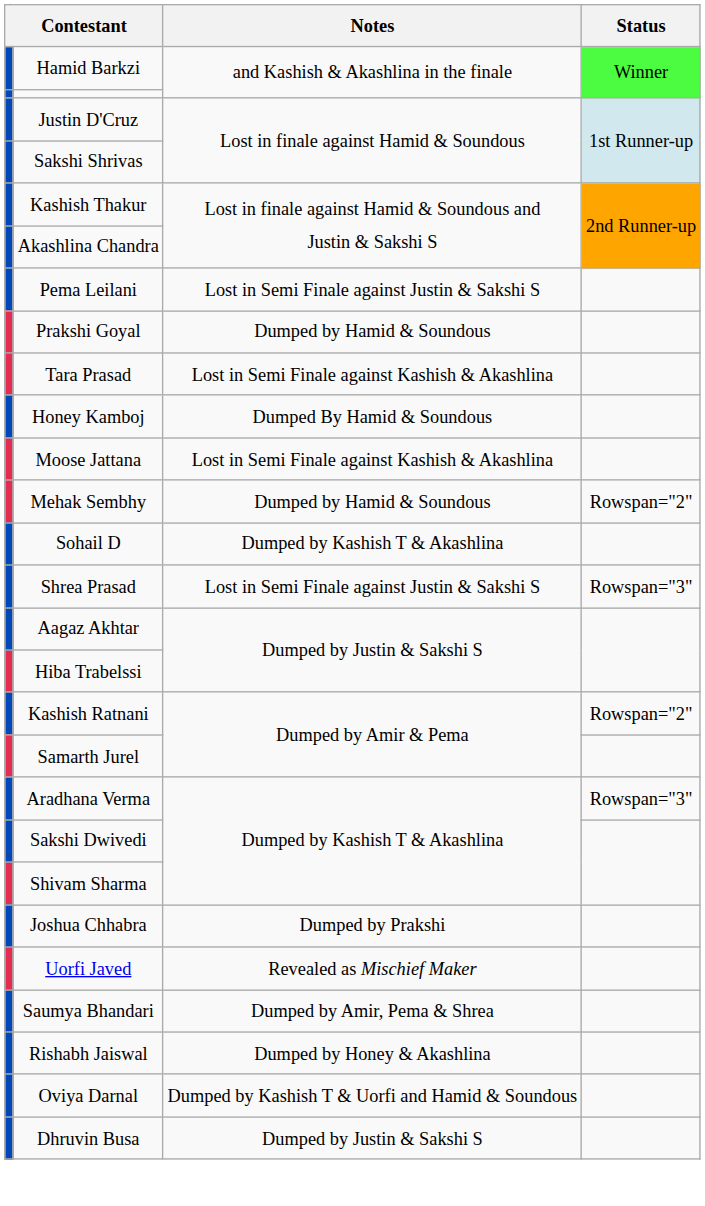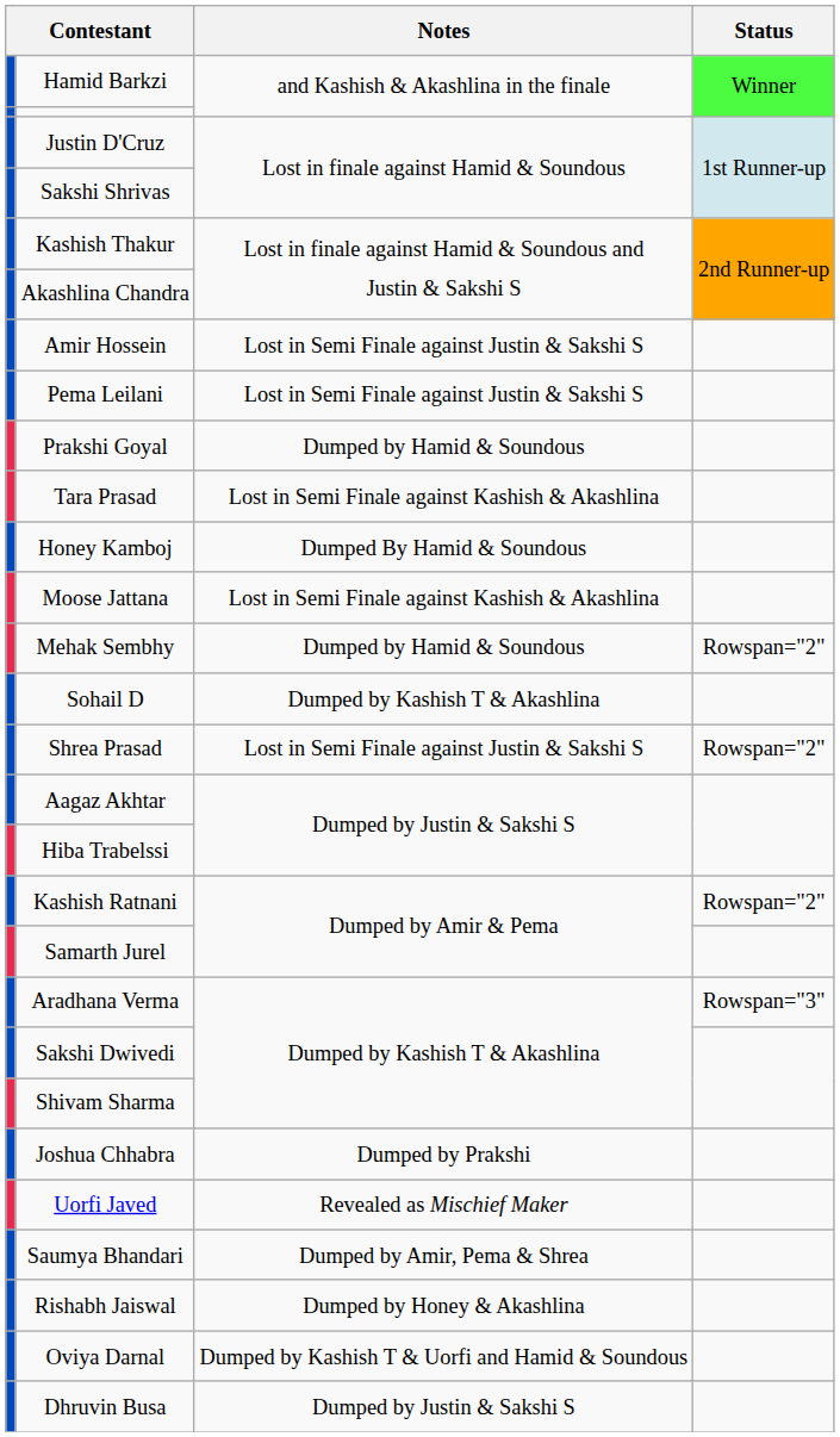 <table class="wikitable sortable" style=" text-align:center; font-size:85%;  line-height:25px; width:auto;">
 <tr>
 <th colspan="2">Contestant</th>
 <th scope="col">Notes</th>
 <th scope="col">Status</th>
 </tr>
 <tr>
 <th style="background:#0048BA;"></th>
 <td>Hamid Barkzi</td>
 <td rowspan="2"> and Kashish & Akashlina in the finale</td>
 <td rowspan="2" style="background:#4CFC40;" !>Winner</td>
 </tr>
 <tr>
 <th style="background:#0048BA;"></th>
 <td></td>
 </tr>
 <tr>
 <th style="background:#0048BA;"></th>
 <td>Justin D'Cruz</td>
 <td rowspan="2">Lost in finale against Hamid & Soundous</td>
 <td rowspan="2" style="background:#D1E8EF;" !>1st Runner-up</td>
 </tr>
 <tr>
 <th style="background:#0048BA;"></th>
 <td>Sakshi Shrivas</td>
 </tr>
 <tr>
 <th style="background:#0048BA;"></th>
 <td>Kashish Thakur</td>
 <td rowspan="2">Lost in finale against Hamid & Soundous and<br> Justin & Sakshi S</td>
 <td rowspan="2" style="background:orange;" !>2nd Runner-up</td>
 </tr>
 <tr>
 <th style="background:#0048BA;"></th>
 <td>Akashlina Chandra</td>
+</tr>
+<tr>
+<th style="background:#0048BA;"></th>
+<td>Amir Hossein</td>
+<td>Lost in Semi Finale against Justin & Sakshi S</td>
+<td></td>
 </tr>
 <tr>
 <th style="background:#0048BA;"></th>
 <td>Pema Leilani</td>
 <td>Lost in Semi Finale against Justin & Sakshi S</td>
 <td></td>
 </tr>
 <tr>
 <th style="background:#E52B50;"></th>
 <td>Prakshi Goyal</td>
 <td>Dumped by Hamid & Soundous</td>
 <td></td>
 </tr>
 <tr>
 <th style="background:#E52B50;"></th>
 <td>Tara Prasad</td>
 <td>Lost in Semi Finale against Kashish & Akashlina</td>
 <td></td>
 </tr>
 <tr>
 <th style="background:#0048BA;"></th>
 <td>Honey Kamboj</td>
 <td>Dumped By Hamid & Soundous</td>
 <td></td>
 </tr>
 <tr>
 <th style="background:#E52B50;"></th>
 <td>Moose Jattana</td>
 <td>Lost in Semi Finale against Kashish & Akashlina</td>
 <td></td>
 </tr>
 <tr>
 <th style="background:#E52B50;"></th>
 <td>Mehak Sembhy</td>
 <td>Dumped by Hamid & Soundous</td>
 <td>Rowspan="2"</td>
 </tr>
 <tr>
 <th style="background:#0048BA;"></th>
 <td>Sohail D</td>
 <td>Dumped by Kashish T & Akashlina</td>
 </tr>
 <tr>
 <th style="background:#0048BA;"></th>
 <td>Shrea Prasad</td>
 <td>Lost in Semi Finale against Justin & Sakshi S</td>
-<td>Rowspan="3"</td>
+<td>Rowspan="2"</td>
 </tr>
 <tr>
 <th style="background:#0048BA;"></th>
 <td>Aagaz Akhtar</td>
 <td Rowspan="2">Dumped by Justin & Sakshi S</td>
 </tr>
 <tr>
 <th style="background:#E52B50;"></th>
 <td>Hiba Trabelssi</td>
 </tr>
 <tr>
 <th style="background:#0048BA;"></th>
 <td>Kashish Ratnani</td>
 <td Rowspan="2">Dumped by Amir & Pema</td>
 <td>Rowspan="2"</td>
 </tr>
 <tr>
 <th style="background:#E52B50;"></th>
 <td>Samarth Jurel</td>
 </tr>
 <tr>
 <th style="background:#0048BA;"></th>
 <td>Aradhana Verma</td>
 <td Rowspan="3">Dumped by Kashish T & Akashlina</td>
 <td>Rowspan="3"</td>
 </tr>
 <tr>
 <th style="background:#0048BA;"></th>
 <td>Sakshi Dwivedi</td>
 </tr>
 <tr>
 <th style="background:#E52B50;"></th>
 <td>Shivam Sharma</td>
 </tr>
 <tr>
 <th style="background:#0048BA;"></th>
 <td>Joshua Chhabra</td>
 <td>Dumped by Prakshi</td>
 <td></td>
 </tr>
 <tr>
 <th style="background:#e52b50;"></th>
 <td><a href='#'>Uorfi Javed</a></td>
 <td>Revealed as <em>Mischief Maker</em></td>
 <td></td>
 </tr>
 <tr>
 <th style="background:#0048BA;"></th>
 <td>Saumya Bhandari</td>
 <td>Dumped by Amir, Pema & Shrea</td>
 <td></td>
 </tr>
 <tr>
 <th style="background:#0048BA;"></th>
 <td>Rishabh Jaiswal</td>
 <td>Dumped by Honey & Akashlina</td>
 <td></td>
 </tr>
 <tr>
 <th style="background:#0048BA;"></th>
 <td>Oviya Darnal</td>
 <td>Dumped by Kashish T & Uorfi and Hamid & Soundous</td>
 <td></td>
 </tr>
 <tr>
 <th style="background:#0048BA;"></th>
 <td>Dhruvin Busa</td>
 <td>Dumped by Justin & Sakshi S</td>
 <td></td>
 </tr>
 </table>
